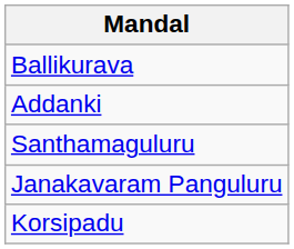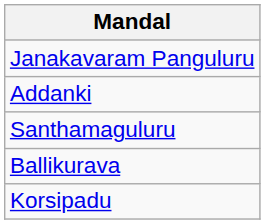 <table class="wikitable sortable static-row-numbers static-row-header-hash">
 <tr>
 <th>Mandal</th>
 </tr>
 <tr>
-<td><a href='#'>Ballikurava</a></td>
+<td><a href='#'>Janakavaram Panguluru</a></td>
 </tr>
 <tr>
 <td><a href='#'>Addanki</a></td>
 </tr>
 <tr>
 <td><a href='#'>Santhamaguluru</a></td>
 </tr>
 <tr>
-<td><a href='#'>Janakavaram Panguluru</a></td>
+<td><a href='#'>Ballikurava</a></td>
 </tr>
 <tr>
 <td><a href='#'>Korsipadu</a></td>
 </tr>
 </table>
